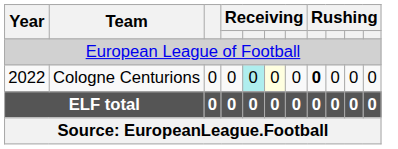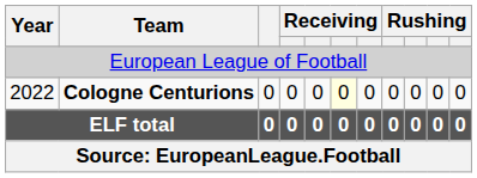 <table class="wikitable" style="text-align: center;">
 <tr>
 <th rowspan="2">Year</th>
 <th rowspan="2">Team</th>
 <th rowspan="2"></th>
 <th colspan="4">Receiving</th>
 <th colspan="4">Rushing</th>
 </tr>
 <tr>
 <th></th>
 <th></th>
 <th></th>
 <th></th>
 <th></th>
 <th></th>
 <th></th>
 <th></th>
 </tr>
 <tr>
 <td colspan="15" style="background-color:#D1D1D1"><a href='#'>European League of Football</a> </td>
 </tr>
 <tr>
 <td>2022</td>
-<td>Cologne Centurions</td>
+<td><strong>Cologne Centurions</strong></td>
 <td>0</td>
 <td>0</td>
-<td style="background: paleturquoise;">0</td>
+<td>0</td>
 <td style="background: lightyellow;">0</td>
 <td>0</td>
-<td><strong>0</strong></td>
+<td>0</td>
 <td>0</td>
 <td>0</td>
 <td>0</td>
 </tr>
 <tr style="background:#555555; font-weight:bold; color:white;">
 <td colspan="2">ELF total</td>
 <td>0</td>
 <td>0</td>
 <td>0</td>
 <td>0</td>
 <td>0</td>
 <td>0</td>
 <td>0</td>
 <td>0</td>
 <td>0</td>
 </tr>
 <tr>
 <th colspan="15">Source: EuropeanLeague.Football</th>
 </tr>
 </table>
